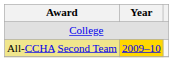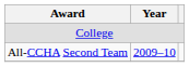 <table class="wikitable">
 <tr>
 <th>Award</th>
 <th>Year</th>
 <th></th>
 </tr>
 <tr ALIGN="center" bgcolor="#e0e0e0">
 <td colspan="3"><a href='#'>College</a></td>
 </tr>
 <tr>
-<td style="background: khaki;">All-<a href='#'>CCHA</a> <a href='#'>Second Team</a></td>
-<td style="background: gold;"><a href='#'>2009–10</a></td>
+<td>All-<a href='#'>CCHA</a> <a href='#'>Second Team</a></td>
+<td><a href='#'>2009–10</a></td>
 <td></td>
 </tr>
 <tr>
 </tr>
 </table>
